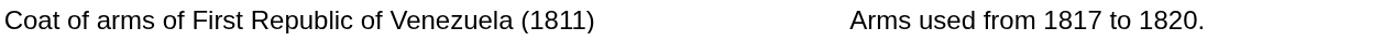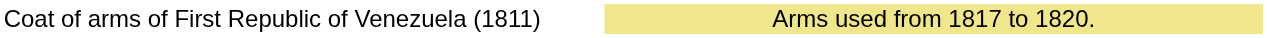 <table border=0 align="center">
 <tr>
 <td width="15%" align="center"></td>
 <td width="15%" align="center"></td>
 </tr>
 <tr>
 <td width="15%" align="center">Coat of arms of First Republic of Venezuela (1811)</td>
-<td width="15%" align="center">Arms used from 1817 to 1820.</td>
+<td width="15%" align="center" style="background: khaki;">Arms used from 1817 to 1820.</td>
 </tr>
 </table>
